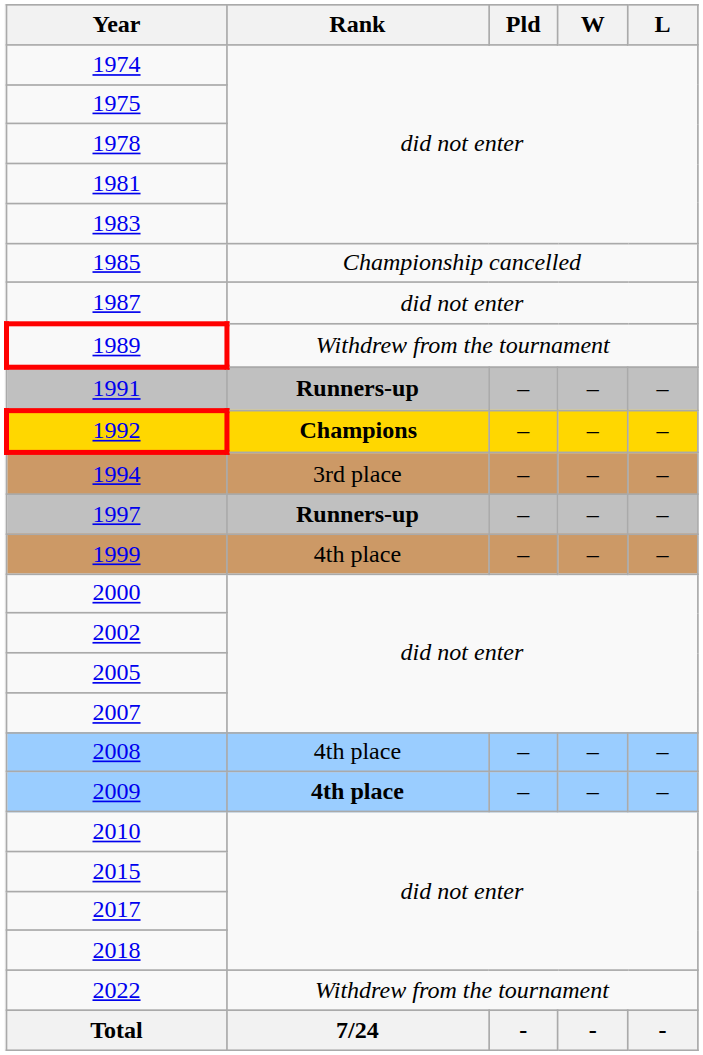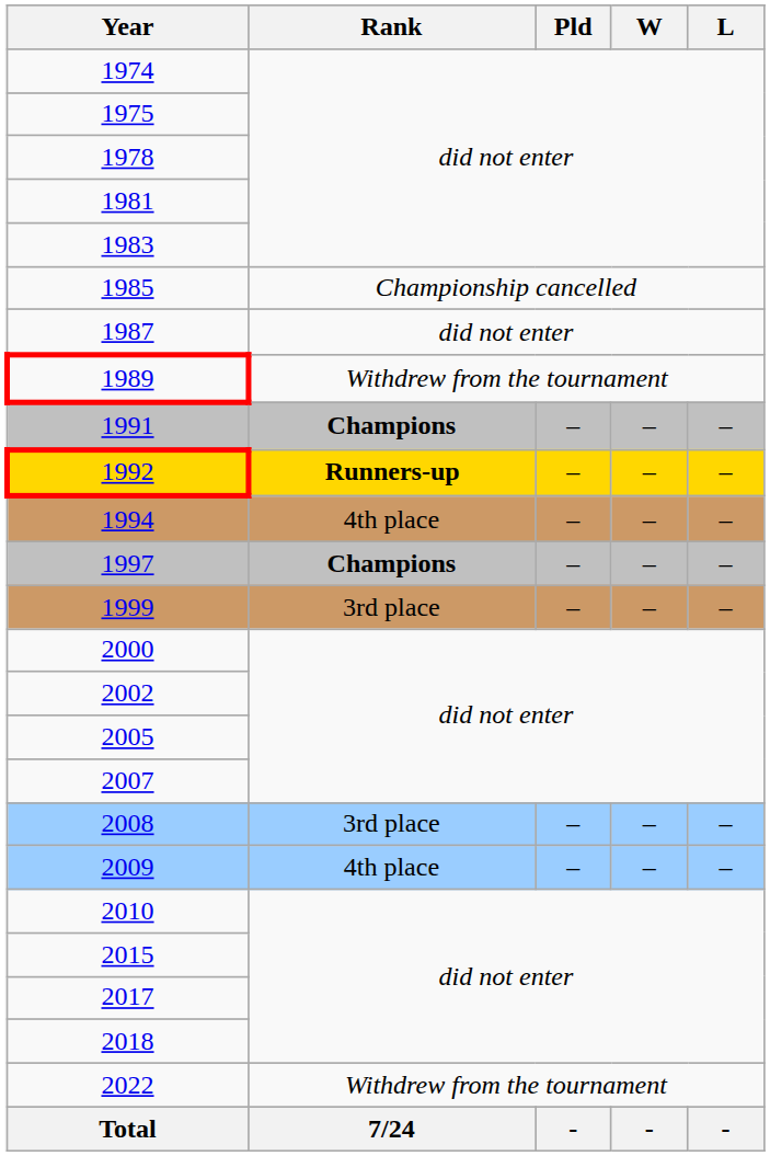 <table class="wikitable" style="text-align: center;font-size:90%;">
 <tr>
 <th width=125>Year</th>
 <th width=150>Rank</th>
 <th width=35>Pld</th>
 <th width=35>W</th>
 <th width=35>L</th>
 </tr>
 <tr>
 <td> <a href='#'>1974</a></td>
 <td rowspan=5 colspan=4><em>did not enter</em></td>
 </tr>
 <tr>
 <td> <a href='#'>1975</a></td>
 </tr>
 <tr>
 <td> <a href='#'>1978</a></td>
 </tr>
 <tr>
 <td> <a href='#'>1981</a></td>
 </tr>
 <tr>
 <td> <a href='#'>1983</a></td>
 </tr>
 <tr>
 <td> <a href='#'>1985</a></td>
 <td rowspan=1 colspan=4><em>Championship cancelled</em></td>
 </tr>
 <tr>
 <td> <a href='#'>1987</a></td>
 <td rowspan=1 colspan=4><em>did not enter</em></td>
 </tr>
 <tr>
 <td style="border: 3px solid red"> <a href='#'>1989</a></td>
 <td colspan=4><em>Withdrew from the tournament</em></td>
 </tr>
 <tr bgcolor=silver>
 <td> <a href='#'>1991</a></td>
-<td><strong>Runners-up</strong></td>
+<td><strong>Champions</strong></td>
 <td>–</td>
 <td>–</td>
 <td>–</td>
 </tr>
 <tr bgcolor=gold>
 <td style="border: 3px solid red"> <a href='#'>1992</a></td>
+<td><strong>Runners-up</strong></td>
+<td>–</td>
+<td>–</td>
+<td>–</td>
+</tr>
+<tr bgcolor="#cc9966">
+<td> <a href='#'>1994</a></td>
+<td>4th place</td>
+<td>–</td>
+<td>–</td>
+<td>–</td>
+</tr>
+<tr bgcolor=silver>
+<td> <a href='#'>1997</a></td>
 <td><strong>Champions</strong></td>
 <td>–</td>
 <td>–</td>
 <td>–</td>
 </tr>
 <tr bgcolor="#cc9966">
-<td> <a href='#'>1994</a></td>
+<td> <a href='#'>1999</a></td>
 <td>3rd place</td>
-<td>–</td>
-<td>–</td>
-<td>–</td>
-</tr>
-<tr bgcolor=silver>
-<td> <a href='#'>1997</a></td>
-<td><strong>Runners-up</strong></td>
-<td>–</td>
-<td>–</td>
-<td>–</td>
-</tr>
-<tr bgcolor="#cc9966">
-<td> <a href='#'>1999</a></td>
-<td>4th place</td>
 <td>–</td>
 <td>–</td>
 <td>–</td>
 </tr>
 <tr>
 <td> <a href='#'>2000</a></td>
 <td rowspan=4 colspan=4><em>did not enter</em></td>
 </tr>
 <tr>
 <td> <a href='#'>2002</a></td>
 </tr>
 <tr>
 <td> <a href='#'>2005</a></td>
 </tr>
 <tr>
 <td> <a href='#'>2007</a></td>
 </tr>
 <tr bgcolor=#9acdff>
 <td> <a href='#'>2008</a></td>
-<td>4th place</td>
+<td>3rd place</td>
 <td>–</td>
 <td>–</td>
 <td>–</td>
 </tr>
 <tr bgcolor=#9acdff>
 <td> <a href='#'>2009</a></td>
-<td><strong>4th place</strong></td>
+<td>4th place</td>
 <td>–</td>
 <td>–</td>
 <td>–</td>
 </tr>
 <tr>
 <td> <a href='#'>2010</a></td>
 <td rowspan=4 colspan=4><em>did not enter</em></td>
 </tr>
 <tr>
 <td> <a href='#'>2015</a></td>
 </tr>
 <tr>
 <td> <a href='#'>2017</a></td>
 </tr>
 <tr>
 <td> <a href='#'>2018</a></td>
 </tr>
 <tr>
 <td> <a href='#'>2022</a></td>
 <td colspan=4><em>Withdrew from the tournament</em></td>
 </tr>
 <tr>
 <th>Total</th>
 <th>7/24</th>
 <th>-</th>
 <th>-</th>
 <th>-</th>
 </tr>
 </table>
